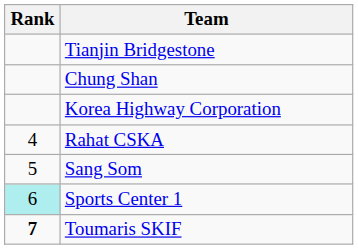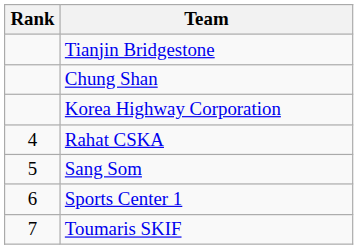 <table class="wikitable" style="text-align: center;">
 <tr>
 <th width=40>Rank</th>
 <th width=240>Team</th>
 </tr>
 <tr>
 <td></td>
 <td align="left"> <a href='#'>Tianjin Bridgestone</a></td>
 </tr>
 <tr>
 <td></td>
 <td align="left"> <a href='#'>Chung Shan</a></td>
 </tr>
 <tr>
 <td></td>
 <td align="left"> <a href='#'>Korea Highway Corporation</a></td>
 </tr>
 <tr>
 <td>4</td>
 <td align="left"> <a href='#'>Rahat CSKA</a></td>
 </tr>
 <tr>
 <td>5</td>
 <td align="left"> <a href='#'>Sang Som</a></td>
 </tr>
 <tr>
-<td style="background: paleturquoise;">6</td>
+<td>6</td>
 <td align="left"> <a href='#'>Sports Center 1</a></td>
 </tr>
 <tr>
-<td><strong>7</strong></td>
+<td>7</td>
 <td align="left"> <a href='#'>Toumaris SKIF</a></td>
 </tr>
 </table>
